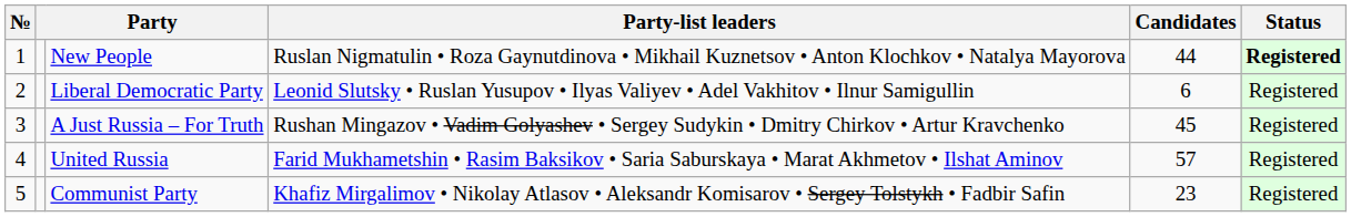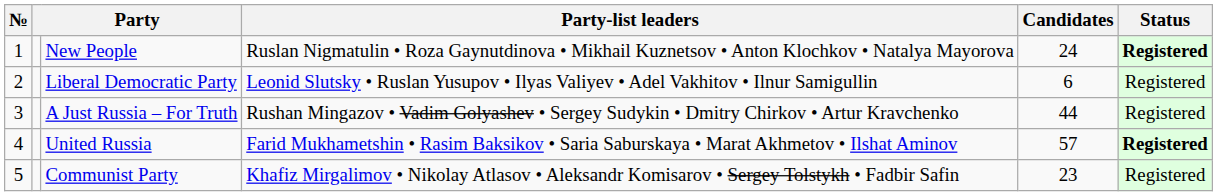 <table class="wikitable sortable" style="background: #f9f9f9; text-align:right; font-size: 95%">
 <tr>
 <th align=center>№</th>
 <th colspan="2">Party</th>
 <th align=center>Party-list leaders</th>
 <th align=center>Candidates</th>
 <th align=center>Status</th>
 </tr>
 <tr>
 <td align=center>1</td>
 <td style="background-color:"></td>
 <td align=left><a href='#'>New People</a></td>
 <td align=left>Ruslan Nigmatulin • Roza Gaynutdinova • Mikhail Kuznetsov • Anton Klochkov • Natalya Mayorova</td>
-<td align=center>44</td>
+<td align=center>24</td>
 <td align=center bgcolor="#DFFFDF"><strong>Registered</strong></td>
 </tr>
 <tr>
 <td align=center>2</td>
 <td style="background-color:"></td>
 <td align=left><a href='#'>Liberal Democratic Party</a></td>
 <td align=left><a href='#'>Leonid Slutsky</a> • Ruslan Yusupov • Ilyas Valiyev • Adel Vakhitov • Ilnur Samigullin</td>
 <td align=center>6</td>
 <td align=center bgcolor="#DFFFDF">Registered</td>
 </tr>
 <tr>
 <td align=center>3</td>
 <td style="background-color:"></td>
 <td align=left><a href='#'>A Just Russia – For Truth</a></td>
 <td align=left>Rushan Mingazov • <s>Vadim Golyashev</s> • Sergey Sudykin • Dmitry Chirkov • Artur Kravchenko</td>
-<td align=center>45</td>
+<td align=center>44</td>
 <td align=center bgcolor="#DFFFDF">Registered</td>
 </tr>
 <tr>
 <td align=center>4</td>
 <td style="background-color:"></td>
 <td align=left><a href='#'>United Russia</a></td>
 <td align=left><a href='#'>Farid Mukhametshin</a> • <a href='#'>Rasim Baksikov</a> • Saria Saburskaya • Marat Akhmetov • <a href='#'>Ilshat Aminov</a></td>
 <td align=center>57</td>
-<td align=center bgcolor="#DFFFDF">Registered</td>
+<td align=center bgcolor="#DFFFDF"><strong>Registered</strong></td>
 </tr>
 <tr>
 <td align=center>5</td>
 <td style="background-color:"></td>
 <td align=left><a href='#'>Communist Party</a></td>
 <td align=left><a href='#'>Khafiz Mirgalimov</a> • Nikolay Atlasov • Aleksandr Komisarov • <s>Sergey Tolstykh</s> • Fadbir Safin</td>
 <td align=center>23</td>
 <td align=center bgcolor="#DFFFDF">Registered</td>
 </tr>
 </table>
